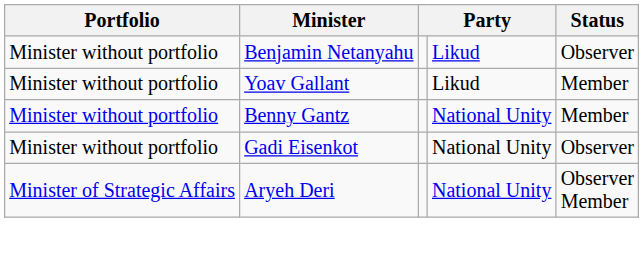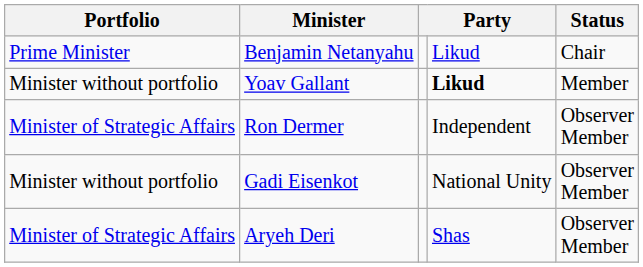 <table class="wikitable sortable">
 <tr>
 <th>Portfolio</th>
 <th>Minister</th>
 <th colspan="2">Party</th>
 <th>Status</th>
 </tr>
 <tr>
-<td>Minister without portfolio</td>
+<td><a href='#'>Prime Minister</a></td>
 <td><a href='#'>Benjamin Netanyahu</a></td>
 <td></td>
 <td><a href='#'>Likud</a></td>
-<td>Observer</td>
+<td>Chair</td>
 </tr>
 <tr>
 <td>Minister without portfolio</td>
 <td><a href='#'>Yoav Gallant</a></td>
 <td></td>
-<td>Likud</td>
+<td><strong>Likud</strong></td>
 <td>Member</td>
 </tr>
 <tr>
-<td><a href='#'>Minister without portfolio</a></td>
-<td><a href='#'>Benny Gantz</a></td>
+<td><a href='#'>Minister of Strategic Affairs</a></td>
+<td><a href='#'>Ron Dermer</a></td>
 <td></td>
-<td><a href='#'>National Unity</a></td>
-<td>Member</td>
+<td>Independent</td>
+<td>Observer<br>Member</td>
 </tr>
 <tr>
 <td>Minister without portfolio</td>
 <td><a href='#'>Gadi Eisenkot</a></td>
 <td></td>
 <td>National Unity</td>
-<td>Observer</td>
+<td>Observer<br>Member</td>
 </tr>
 <tr>
 <td><a href='#'>Minister of Strategic Affairs</a></td>
 <td><a href='#'>Aryeh Deri</a></td>
 <td></td>
-<td><a href='#'>National Unity</a></td>
+<td><a href='#'>Shas</a></td>
 <td>Observer<br>Member</td>
 </tr>
 </table>
